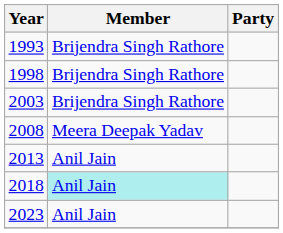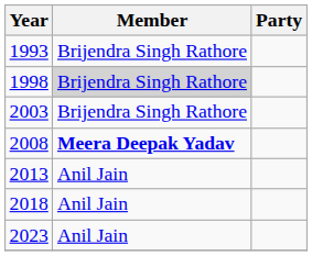 <table class="wikitable sortable">
 <tr>
 <th>Year</th>
 <th>Member</th>
 <th colspan=2>Party</th>
 </tr>
 <tr>
 <td><a href='#'>1993</a></td>
 <td><a href='#'>Brijendra Singh Rathore</a></td>
 <td></td>
 </tr>
 <tr>
 <td><a href='#'>1998</a></td>
-<td><a href='#'>Brijendra Singh Rathore</a></td>
+<td style="background: lightgrey;"><a href='#'>Brijendra Singh Rathore</a></td>
 <td></td>
 </tr>
 <tr>
 <td><a href='#'>2003</a></td>
 <td><a href='#'>Brijendra Singh Rathore</a></td>
 <td></td>
 </tr>
 <tr>
 <td><a href='#'>2008</a></td>
-<td><a href='#'>Meera Deepak Yadav</a></td>
+<td><strong><a href='#'>Meera Deepak Yadav</a></strong></td>
 <td></td>
 </tr>
 <tr>
 <td><a href='#'>2013</a></td>
 <td><a href='#'>Anil Jain</a></td>
 <td></td>
 </tr>
 <tr>
 <td><a href='#'>2018</a></td>
-<td style="background: paleturquoise;"><a href='#'>Anil Jain</a></td>
+<td><a href='#'>Anil Jain</a></td>
 <td></td>
 </tr>
 <tr>
 <td><a href='#'>2023</a></td>
 <td><a href='#'>Anil Jain</a></td>
 <td></td>
 </tr>
 <tr>
 </tr>
 </table>
